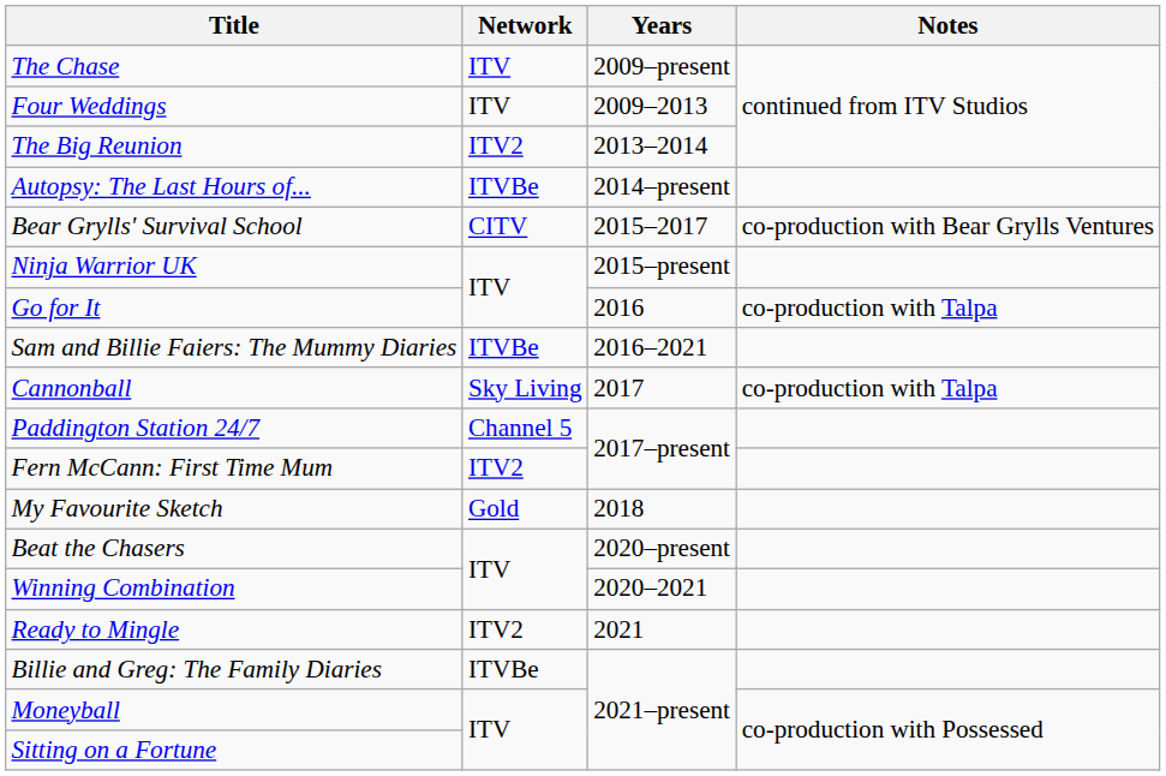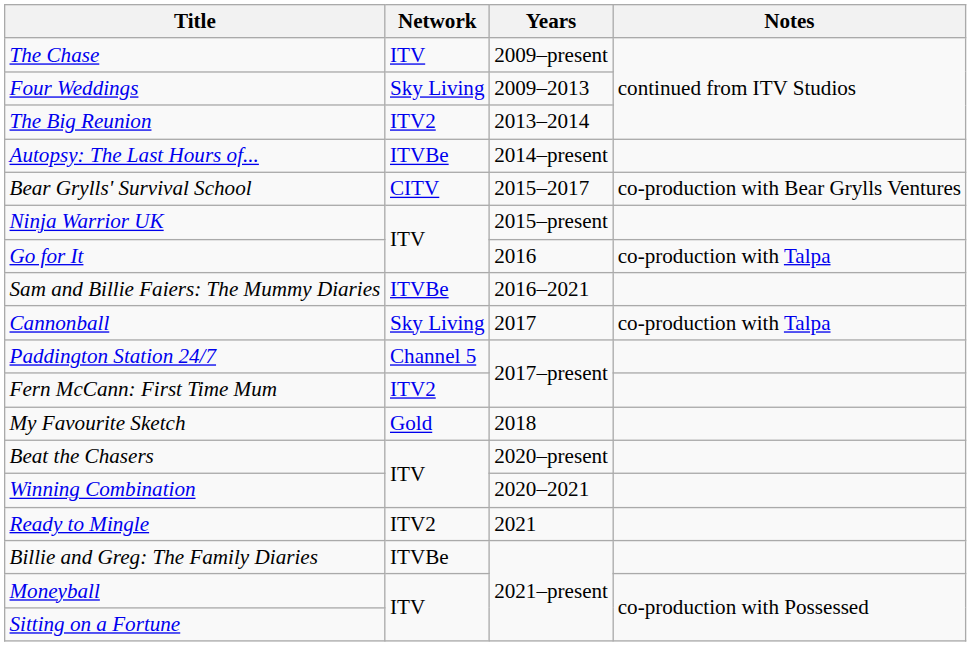 <table class="wikitable sortable">
 <tr>
 <th>Title</th>
 <th>Network</th>
 <th>Years</th>
 <th>Notes</th>
 </tr>
 <tr>
 <td><em><a href='#'>The Chase</a></em></td>
 <td><a href='#'>ITV</a></td>
 <td>2009–present</td>
 <td rowspan="3">continued from ITV Studios</td>
 </tr>
 <tr>
 <td><em><a href='#'>Four Weddings</a></em></td>
-<td>ITV</td>
+<td><a href='#'>Sky Living</a></td>
 <td>2009–2013</td>
 </tr>
 <tr>
 <td><em><a href='#'>The Big Reunion</a></em></td>
 <td><a href='#'>ITV2</a></td>
 <td>2013–2014</td>
 </tr>
 <tr>
 <td><em><a href='#'>Autopsy: The Last Hours of...</a></em></td>
 <td><a href='#'>ITVBe</a></td>
 <td>2014–present</td>
 <td></td>
 </tr>
 <tr>
 <td><em>Bear Grylls' Survival School</em></td>
 <td><a href='#'>CITV</a></td>
 <td>2015–2017</td>
 <td>co-production with Bear Grylls Ventures</td>
 </tr>
 <tr>
 <td><em><a href='#'>Ninja Warrior UK</a></em></td>
 <td rowspan="2">ITV</td>
 <td>2015–present</td>
 <td></td>
 </tr>
 <tr>
 <td><em><a href='#'>Go for It</a></em></td>
 <td>2016</td>
 <td>co-production with <a href='#'>Talpa</a></td>
 </tr>
 <tr>
 <td><em>Sam and Billie Faiers: The Mummy Diaries</em></td>
 <td><a href='#'>ITVBe</a></td>
 <td>2016–2021</td>
 <td></td>
 </tr>
 <tr>
 <td><em><a href='#'>Cannonball</a></em></td>
 <td><a href='#'>Sky Living</a></td>
 <td>2017</td>
 <td>co-production with <a href='#'>Talpa</a></td>
 </tr>
 <tr>
 <td><em><a href='#'>Paddington Station 24/7</a></em></td>
 <td><a href='#'>Channel 5</a></td>
 <td rowspan="2">2017–present</td>
 <td></td>
 </tr>
 <tr>
 <td><em>Fern McCann: First Time Mum</em></td>
 <td><a href='#'>ITV2</a></td>
 <td></td>
 </tr>
 <tr>
 <td><em>My Favourite Sketch</em></td>
 <td><a href='#'>Gold</a></td>
 <td>2018</td>
 <td></td>
 </tr>
 <tr>
 <td><em>Beat the Chasers</em></td>
 <td rowspan="2">ITV</td>
 <td>2020–present</td>
 <td></td>
 </tr>
 <tr>
 <td><em><a href='#'>Winning Combination</a></em></td>
 <td>2020–2021</td>
 <td></td>
 </tr>
 <tr>
 <td><em><a href='#'>Ready to Mingle</a></em></td>
 <td>ITV2</td>
 <td>2021</td>
 <td></td>
 </tr>
 <tr>
 <td><em>Billie and Greg: The Family Diaries</em></td>
 <td>ITVBe</td>
 <td rowspan="3">2021–present</td>
 <td></td>
 </tr>
 <tr>
 <td><em><a href='#'>Moneyball</a></em></td>
 <td rowspan="2'">ITV</td>
 <td rowspan="2">co-production with Possessed</td>
 </tr>
 <tr>
 <td><em><a href='#'>Sitting on a Fortune</a></em></td>
 </tr>
 </table>
